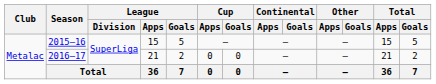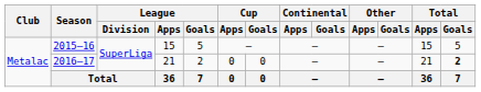 <table class="wikitable" style="text-align: center;font-size:90%">
 <tr>
 <th rowspan="2">Club</th>
 <th rowspan="2">Season</th>
 <th colspan="3">League</th>
 <th colspan="2">Cup</th>
 <th colspan="2">Continental</th>
 <th colspan="2">Other</th>
 <th colspan="2">Total</th>
 </tr>
 <tr>
 <th>Division</th>
 <th>Apps</th>
 <th>Goals</th>
 <th>Apps</th>
 <th>Goals</th>
 <th>Apps</th>
 <th>Goals</th>
 <th>Apps</th>
 <th>Goals</th>
 <th>Apps</th>
 <th>Goals</th>
 </tr>
 <tr>
 <td rowspan="3" valign="center"><a href='#'>Metalac</a></td>
 <td><a href='#'>2015–16</a></td>
 <td rowspan=2><a href='#'>SuperLiga</a></td>
 <td>15</td>
 <td>5</td>
 <td colspan="2">—</td>
 <td colspan="2">—</td>
 <td colspan="2">—</td>
 <td>15</td>
 <td>5</td>
 </tr>
 <tr>
 <td><a href='#'>2016–17</a></td>
 <td>21</td>
 <td>2</td>
 <td>0</td>
 <td>0</td>
 <td colspan="2">—</td>
 <td colspan="2">—</td>
 <td>21</td>
-<td>2</td>
+<td><strong>2</strong></td>
 </tr>
 <tr>
 <th colspan="2">Total</th>
 <th>36</th>
 <th>7</th>
 <th>0</th>
 <th>0</th>
 <th colspan="2">—</th>
 <th colspan="2">—</th>
 <th>36</th>
 <th>7</th>
 </tr>
 </table>
